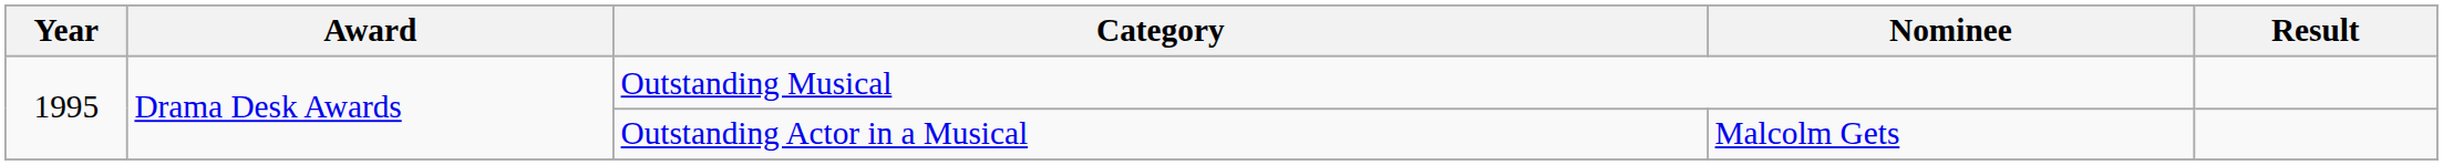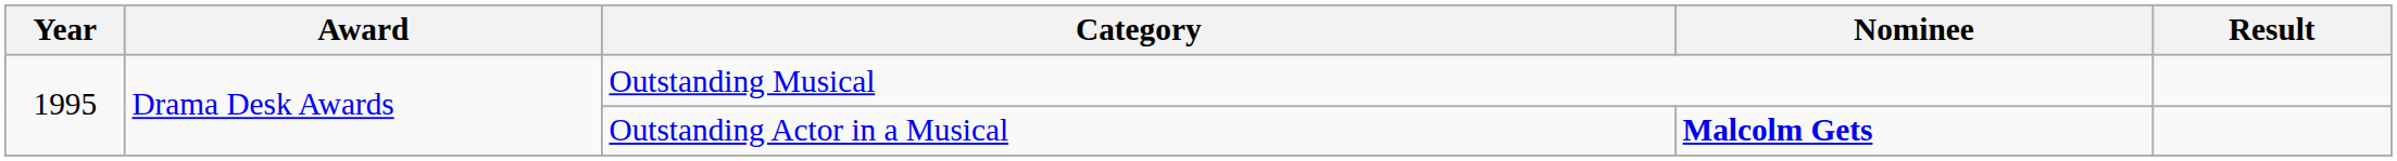 <table class="wikitable" width="95%">
 <tr>
 <th width="5%">Year</th>
 <th width="20%">Award</th>
 <th width="45%">Category</th>
 <th width="20%">Nominee</th>
 <th width="10%">Result</th>
 </tr>
 <tr>
 <td rowspan="2" align="center">1995</td>
 <td rowspan="2"><a href='#'>Drama Desk Awards</a></td>
 <td colspan="2"><a href='#'>Outstanding Musical</a></td>
 <td></td>
 </tr>
 <tr>
 <td><a href='#'>Outstanding Actor in a Musical</a></td>
-<td><a href='#'>Malcolm Gets</a></td>
+<td><strong><a href='#'>Malcolm Gets</a></strong></td>
 <td></td>
 </tr>
 </table>
